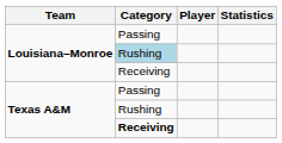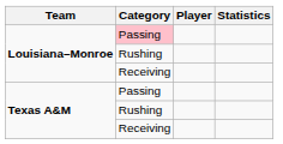 <table class="wikitable" style="float: left;">
 <tr>
 <th>Team</th>
 <th>Category</th>
 <th>Player</th>
 <th>Statistics</th>
 </tr>
 <tr>
 <td rowspan=3><strong>Louisiana–Monroe</strong></td>
-<td>Passing</td>
+<td style="background: pink;">Passing</td>
 <td></td>
 <td></td>
 </tr>
 <tr>
-<td style="background: lightblue;">Rushing</td>
+<td>Rushing</td>
 <td></td>
 <td></td>
 </tr>
 <tr>
 <td>Receiving</td>
 <td></td>
 <td></td>
 </tr>
 <tr>
 <td rowspan=3><strong>Texas A&M</strong></td>
 <td>Passing</td>
 <td></td>
 <td></td>
 </tr>
 <tr>
 <td>Rushing</td>
 <td></td>
 <td></td>
 </tr>
 <tr>
-<td><strong>Receiving</strong></td>
+<td>Receiving</td>
 <td></td>
 <td></td>
 </tr>
 </table>
